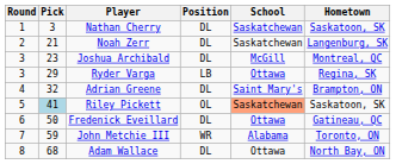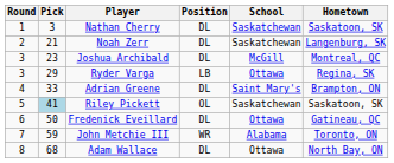 <table class="wikitable" style="font-size: 95%;">
 <tr>
 <th scope="col">Round</th>
 <th scope="col">Pick</th>
 <th scope="col">Player</th>
 <th scope="col">Position</th>
 <th scope="col">School</th>
 <th scope="col">Hometown</th>
 </tr>
 <tr align="center">
 <td align=center>1</td>
 <td>3</td>
 <td><a href='#'>Nathan Cherry</a></td>
 <td>DL</td>
 <td><a href='#'>Saskatchewan</a></td>
 <td><a href='#'>Saskatoon, SK</a></td>
 </tr>
 <tr align="center">
 <td align=center>2</td>
 <td>21</td>
 <td><a href='#'>Noah Zerr</a></td>
 <td>DL</td>
 <td>Saskatchewan</td>
 <td><a href='#'>Langenburg, SK</a></td>
 </tr>
 <tr align="center">
 <td align=center>3</td>
 <td>23</td>
 <td><a href='#'>Joshua Archibald</a></td>
 <td>DL</td>
 <td><a href='#'>McGill</a></td>
 <td><a href='#'>Montreal, QC</a></td>
 </tr>
 <tr align="center">
 <td align=center>3</td>
 <td>29</td>
 <td><a href='#'>Ryder Varga</a></td>
 <td>LB</td>
 <td><a href='#'>Ottawa</a></td>
 <td><a href='#'>Regina, SK</a></td>
 </tr>
 <tr align="center">
 <td align=center>4</td>
-<td>32</td>
+<td>33</td>
 <td><a href='#'>Adrian Greene</a></td>
 <td>DL</td>
 <td><a href='#'>Saint Mary's</a></td>
 <td><a href='#'>Brampton, ON</a></td>
 </tr>
 <tr align="center">
 <td align=center>5</td>
 <td style="background: lightblue;">41</td>
 <td><a href='#'>Riley Pickett</a></td>
 <td>OL</td>
-<td style="background: lightsalmon;">Saskatchewan</td>
+<td>Saskatchewan</td>
 <td>Saskatoon, SK</td>
 </tr>
 <tr align="center">
 <td align=center>6</td>
 <td>50</td>
 <td><a href='#'>Fredenick Eveillard</a></td>
 <td>DL</td>
 <td><a href='#'>Ottawa</a></td>
 <td><a href='#'>Gatineau, QC</a></td>
 </tr>
 <tr align="center">
 <td align=center>7</td>
 <td>59</td>
 <td><a href='#'>John Metchie III</a></td>
 <td>WR</td>
 <td><a href='#'>Alabama</a></td>
 <td><a href='#'>Toronto, ON</a></td>
 </tr>
 <tr align="center">
 <td align=center>8</td>
 <td>68</td>
 <td><a href='#'>Adam Wallace</a></td>
 <td>DL</td>
 <td>Ottawa</td>
 <td><a href='#'>North Bay, ON</a></td>
 </tr>
 </table>
